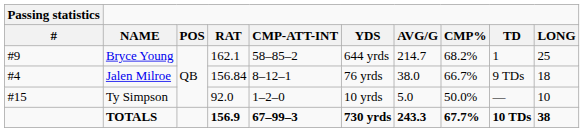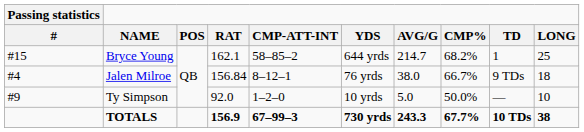 <table class="wikitable">
 <tr>
 <th style="text-align:center; ">Passing statistics</th>
 </tr>
 <tr>
 <th>#</th>
 <th>NAME</th>
 <th>POS</th>
 <th>RAT</th>
 <th>CMP-ATT-INT</th>
 <th>YDS</th>
 <th>AVG/G</th>
 <th>CMP%</th>
 <th>TD</th>
 <th>LONG</th>
 </tr>
 <tr>
-<td>#9</td>
+<td>#15</td>
 <td><a href='#'>Bryce Young</a></td>
 <td rowspan=3>QB</td>
 <td>162.1</td>
 <td>58–85–2</td>
 <td>644 yrds</td>
 <td>214.7</td>
 <td>68.2%</td>
 <td>1</td>
 <td>25</td>
 </tr>
 <tr>
 <td>#4</td>
 <td><a href='#'>Jalen Milroe</a></td>
 <td>156.84</td>
 <td>8–12–1</td>
 <td>76 yrds</td>
 <td>38.0</td>
 <td>66.7%</td>
 <td>9 TDs</td>
 <td>18</td>
 </tr>
 <tr>
-<td>#15</td>
+<td>#9</td>
 <td>Ty Simpson</td>
 <td>92.0</td>
 <td>1–2–0</td>
 <td>10 yrds</td>
 <td>5.0</td>
 <td>50.0%</td>
 <td>—</td>
 <td>10</td>
 </tr>
 <tr>
 <td></td>
 <td><strong>TOTALS</strong></td>
 <td></td>
 <td><strong>156.9</strong></td>
 <td><strong>67–99–3</strong></td>
 <td><strong>730 yrds</strong></td>
 <td><strong>243.3</strong></td>
 <td><strong>67.7%</strong></td>
 <td><strong>10 TDs</strong></td>
 <td><strong>38</strong></td>
 </tr>
 </table>
